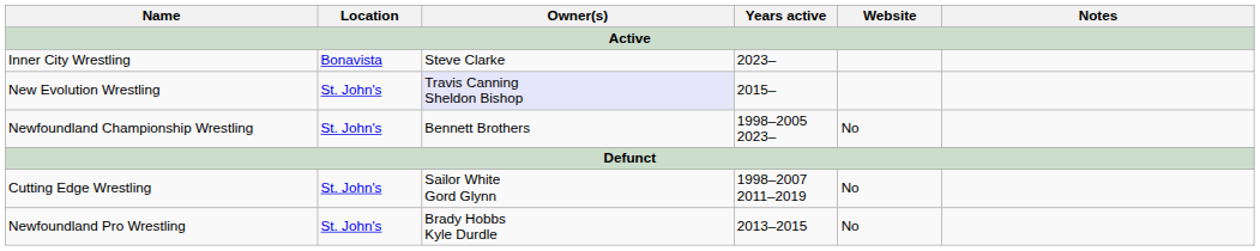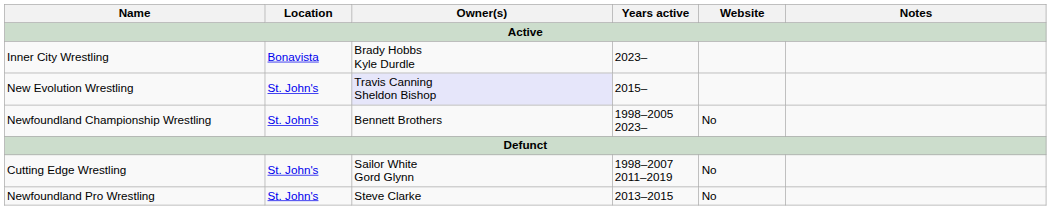 <table class=wikitable>
 <tr>
 <th width="21%">Name</th>
 <th width="7%">Location</th>
 <th width="21%">Owner(s)</th>
 <th width="7%">Years active</th>
 <th width="7%">Website</th>
 <th width="21%">Notes</th>
 </tr>
 <tr>
 <td colspan=7 style="background: #ccddcc;" align=center><strong>Active</strong></td>
 </tr>
 <tr>
 <td>Inner City Wrestling</td>
 <td><a href='#'>Bonavista</a></td>
-<td>Steve Clarke</td>
+<td>Brady Hobbs<br> Kyle Durdle</td>
 <td>2023–</td>
 <td></td>
 <td></td>
 </tr>
 <tr>
 <td>New Evolution Wrestling</td>
 <td><a href='#'>St. John's</a></td>
 <td style="background: lavender;">Travis Canning<br> Sheldon Bishop</td>
 <td>2015–</td>
 <td></td>
 <td></td>
 </tr>
 <tr>
 <td>Newfoundland Championship Wrestling</td>
 <td><a href='#'>St. John's</a></td>
 <td>Bennett Brothers</td>
 <td>1998–2005<br>2023–</td>
 <td>No</td>
 </tr>
 <tr>
 <td colspan=7 style="background: #ccddcc;" align=center><strong>Defunct</strong></td>
 </tr>
 <tr>
 <td>Cutting Edge Wrestling</td>
 <td><a href='#'>St. John's</a></td>
 <td>Sailor White<br> Gord Glynn</td>
 <td>1998–2007<br>2011–2019</td>
 <td>No</td>
 <td></td>
 </tr>
 <tr>
 <td>Newfoundland Pro Wrestling</td>
 <td><a href='#'>St. John's</a></td>
-<td>Brady Hobbs<br> Kyle Durdle</td>
+<td>Steve Clarke</td>
 <td>2013–2015</td>
 <td>No</td>
 <td></td>
 </tr>
 </table>
